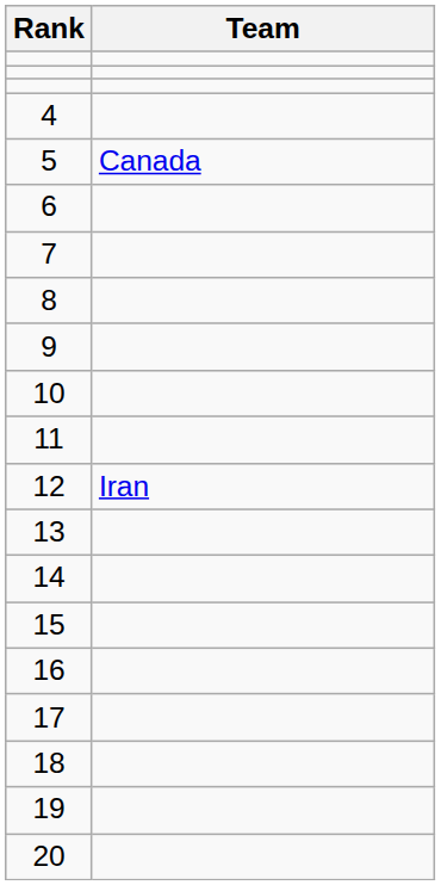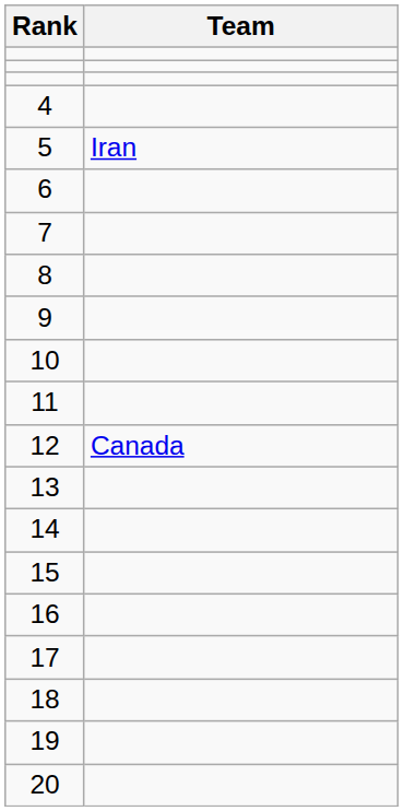 <table class="wikitable" style="text-align:center;">
 <tr>
 <th width=40>Rank</th>
 <th width=180>Team</th>
 </tr>
 <tr>
 <td></td>
 <td align=left></td>
 </tr>
 <tr>
 <td></td>
 <td align=left></td>
 </tr>
 <tr>
 <td></td>
 <td align=left></td>
 </tr>
 <tr>
 <td>4</td>
 <td align=left></td>
 </tr>
 <tr>
 <td>5</td>
-<td align=left> <a href='#'>Canada</a></td>
+<td align=left> <a href='#'>Iran</a></td>
 </tr>
 <tr>
 <td>6</td>
 <td align=left></td>
 </tr>
 <tr>
 <td>7</td>
 <td align=left></td>
 </tr>
 <tr>
 <td>8</td>
 <td align=left></td>
 </tr>
 <tr>
 <td>9</td>
 <td align=left></td>
 </tr>
 <tr>
 <td>10</td>
 <td align=left></td>
 </tr>
 <tr>
 <td>11</td>
 <td align=left></td>
 </tr>
 <tr>
 <td>12</td>
-<td align=left> <a href='#'>Iran</a></td>
+<td align=left> <a href='#'>Canada</a></td>
 </tr>
 <tr>
 <td>13</td>
 <td align=left></td>
 </tr>
 <tr>
 <td>14</td>
 <td align=left></td>
 </tr>
 <tr>
 <td>15</td>
 <td align=left></td>
 </tr>
 <tr>
 <td>16</td>
 <td align=left></td>
 </tr>
 <tr>
 <td>17</td>
 <td align=left></td>
 </tr>
 <tr>
 <td>18</td>
 <td align=left></td>
 </tr>
 <tr>
 <td>19</td>
 <td align=left></td>
 </tr>
 <tr>
 <td>20</td>
 <td align=left></td>
 </tr>
 </table>
